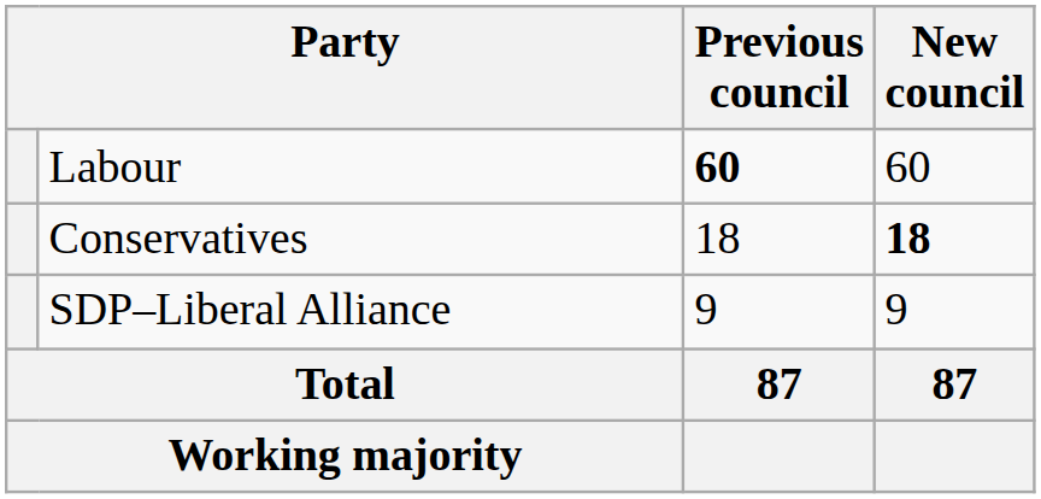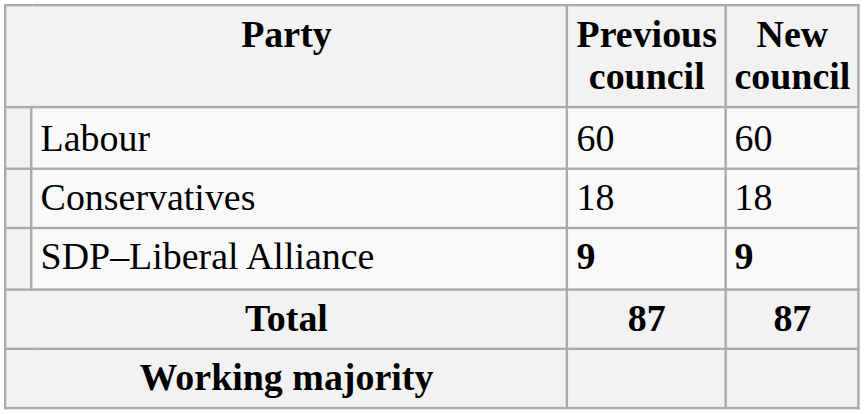 <table class="wikitable">
 <tr>
 <th valign=top colspan="2" style="width: 230px">Party</th>
 <th valign=top style="width: 30px">Previous council</th>
 <th valign=top style="width: 30px">New council</th>
 </tr>
 <tr>
 <th style="background-color: "></th>
 <td>Labour</td>
-<td><strong>60</strong></td>
+<td>60</td>
 <td>60</td>
 </tr>
 <tr>
 <th style="background-color: "></th>
 <td>Conservatives</td>
 <td>18</td>
-<td><strong>18</strong></td>
+<td>18</td>
 </tr>
 <tr>
 <th style="background-color: "></th>
 <td>SDP–Liberal Alliance</td>
-<td>9</td>
-<td>9</td>
+<td><strong>9</strong></td>
+<td><strong>9</strong></td>
 </tr>
 <tr>
 <th colspan=2>Total</th>
 <th style="text-align: center">87</th>
 <th colspan=3>87</th>
 </tr>
 <tr>
 <th colspan=2>Working majority</th>
 <th></th>
 <th></th>
 </tr>
 </table>
